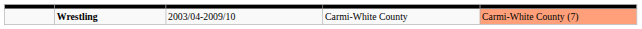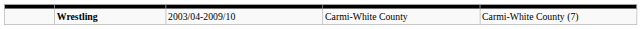 <table class="wikitable" border="1">
 <tr style="background: black; color: #cccc99">
 <td width="75"></td>
 <td width="175"></td>
 <td width="250"></td>
 <td width="250"></td>
 <td width="250"></td>
 </tr>
 <tr>
 <td></td>
 <td><strong>Wrestling</strong></td>
 <td>2003/04-2009/10</td>
 <td>Carmi-White County</td>
-<td style="background: lightsalmon;">Carmi-White County (7)</td>
+<td>Carmi-White County (7)</td>
 </tr>
 </table>
